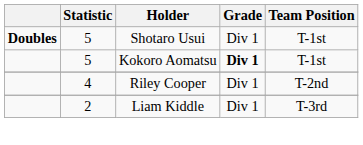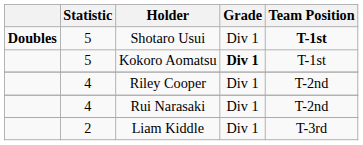 <table class="wikitable" style="text-align: center; mPERin: 0 auto;">
 <tr>
 <th></th>
 <th>Statistic</th>
 <th>Holder</th>
 <th>Grade</th>
 <th>Team Position</th>
 </tr>
 <tr>
 <td><strong>Doubles</strong></td>
 <td>5</td>
 <td>Shotaro Usui</td>
 <td>Div 1</td>
-<td>T-1st</td>
+<td><strong>T-1st</strong></td>
 </tr>
 <tr>
 <td></td>
 <td>5</td>
 <td>Kokoro Aomatsu</td>
 <td><strong>Div 1</strong></td>
 <td>T-1st</td>
 </tr>
 <tr>
 </tr>
 <tr>
 <td></td>
 <td>4</td>
 <td>Riley Cooper</td>
 <td>Div 1</td>
 <td>T-2nd</td>
 </tr>
 <tr>
 </tr>
 <tr>
+<td></td>
+<td>4</td>
+<td>Rui Narasaki</td>
+<td>Div 1</td>
+<td>T-2nd</td>
+</tr>
+<tr>
 </tr>
 <tr>
 <td></td>
 <td>2</td>
 <td>Liam Kiddle</td>
 <td>Div 1</td>
 <td>T-3rd</td>
 </tr>
 </table>
